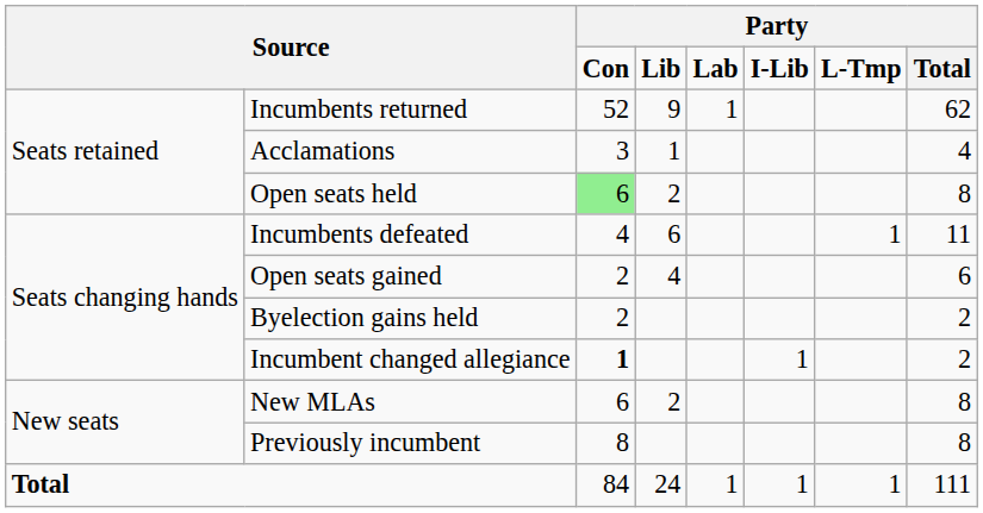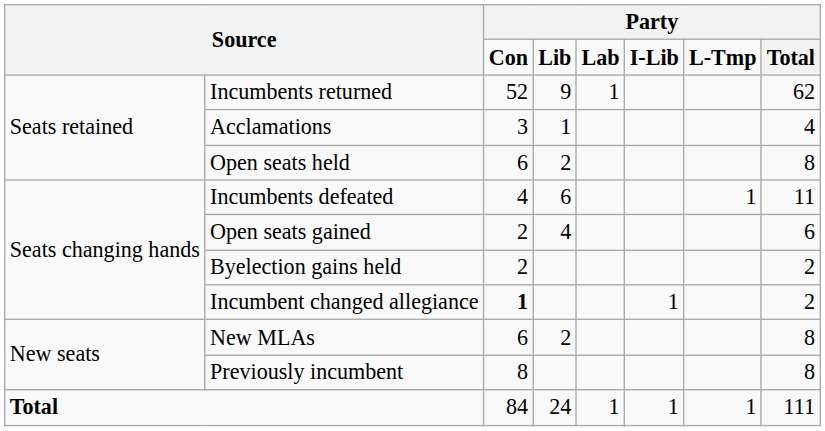 <table class="wikitable" style="text-align:right;">
 <tr>
 <th colspan="2" rowspan="2">Source</th>
 <th colspan="6">Party</th>
 </tr>
 <tr>
 <td><strong>Con</strong></td>
 <td><strong>Lib</strong></td>
 <td><strong>Lab</strong></td>
 <td><strong>I-Lib</strong></td>
 <td><strong>L-Tmp</strong></td>
 <th>Total</th>
 </tr>
 <tr>
 <td rowspan="3" style="text-align:left;">Seats retained</td>
 <td style="text-align:left;">Incumbents returned</td>
 <td>52</td>
 <td>9</td>
 <td>1</td>
 <td></td>
 <td></td>
 <td>62</td>
 </tr>
 <tr>
 <td style="text-align:left;">Acclamations</td>
 <td>3</td>
 <td>1</td>
 <td></td>
 <td></td>
 <td></td>
 <td>4</td>
 </tr>
 <tr>
 <td style="text-align:left;">Open seats held</td>
-<td style="background: lightgreen;">6</td>
+<td>6</td>
 <td>2</td>
 <td></td>
 <td></td>
 <td></td>
 <td>8</td>
 </tr>
 <tr>
 <td rowspan="4" style="text-align:left;">Seats changing hands</td>
 <td style="text-align:left;">Incumbents defeated</td>
 <td>4</td>
 <td>6</td>
 <td></td>
 <td></td>
 <td>1</td>
 <td>11</td>
 </tr>
 <tr>
 <td style="text-align:left;">Open seats gained</td>
 <td>2</td>
 <td>4</td>
 <td></td>
 <td></td>
 <td></td>
 <td>6</td>
 </tr>
 <tr>
 <td style="text-align:left;">Byelection gains held</td>
 <td>2</td>
 <td></td>
 <td></td>
 <td></td>
 <td></td>
 <td>2</td>
 </tr>
 <tr>
 <td style="text-align:left;">Incumbent changed allegiance</td>
 <td><strong>1</strong></td>
 <td></td>
 <td></td>
 <td>1</td>
 <td></td>
 <td>2</td>
 </tr>
 <tr>
 <td rowspan="2" style="text-align:left;">New seats</td>
 <td style="text-align:left;">New MLAs</td>
 <td>6</td>
 <td>2</td>
 <td></td>
 <td></td>
 <td></td>
 <td>8</td>
 </tr>
 <tr>
 <td style="text-align:left;">Previously incumbent</td>
 <td>8</td>
 <td></td>
 <td></td>
 <td></td>
 <td></td>
 <td>8</td>
 </tr>
 <tr>
 <td colspan="2" style="text-align:left;"><strong>Total</strong></td>
 <td>84</td>
 <td>24</td>
 <td>1</td>
 <td>1</td>
 <td>1</td>
 <td>111</td>
 </tr>
 </table>
